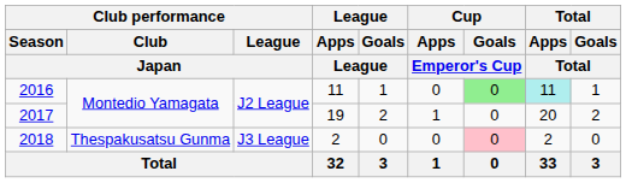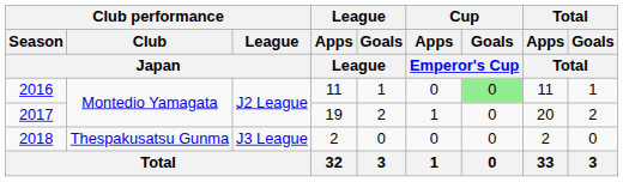 <table class="wikitable" style="text-align:center;">
 <tr>
 <th colspan=3>Club performance</th>
 <th colspan=2>League</th>
 <th colspan=2>Cup</th>
 <th colspan=2>Total</th>
 </tr>
 <tr>
 <th>Season</th>
 <th>Club</th>
 <th>League</th>
 <th>Apps</th>
 <th>Goals</th>
 <th>Apps</th>
 <th>Goals</th>
 <th>Apps</th>
 <th>Goals</th>
 </tr>
 <tr>
 <th colspan=3>Japan</th>
 <th colspan=2>League</th>
 <th colspan=2><a href='#'>Emperor's Cup</a></th>
 <th colspan=2>Total</th>
 </tr>
 <tr>
 <td><a href='#'>2016</a></td>
 <td rowspan="2"><a href='#'>Montedio Yamagata</a></td>
 <td rowspan="2"><a href='#'>J2 League</a></td>
 <td>11</td>
 <td>1</td>
 <td>0</td>
 <td style="background: lightgreen;">0</td>
-<td style="background: paleturquoise;">11</td>
+<td>11</td>
 <td>1</td>
 </tr>
 <tr>
 <td><a href='#'>2017</a></td>
 <td>19</td>
 <td>2</td>
 <td>1</td>
 <td>0</td>
 <td>20</td>
 <td>2</td>
 </tr>
 <tr>
 <td><a href='#'>2018</a></td>
 <td><a href='#'>Thespakusatsu Gunma</a></td>
 <td><a href='#'>J3 League</a></td>
 <td>2</td>
 <td>0</td>
 <td>0</td>
-<td style="background: pink;">0</td>
+<td>0</td>
 <td>2</td>
 <td>0</td>
 </tr>
 <tr>
 <th colspan=3>Total</th>
 <th>32</th>
 <th>3</th>
 <th>1</th>
 <th>0</th>
 <th>33</th>
 <th>3</th>
 </tr>
 </table>
